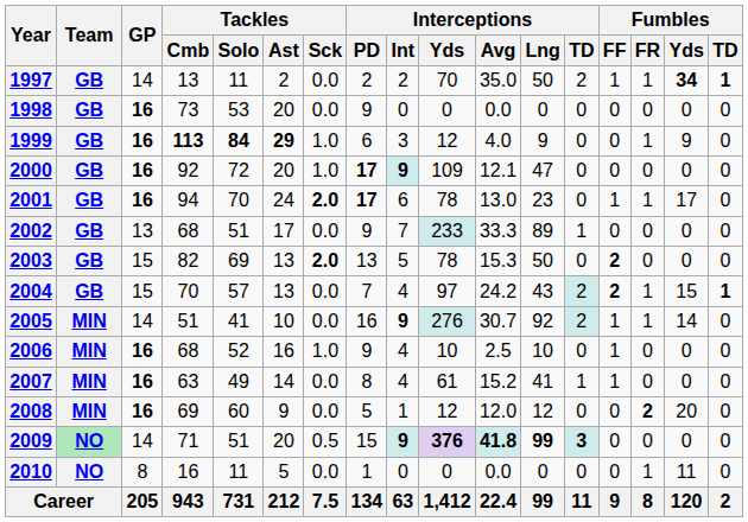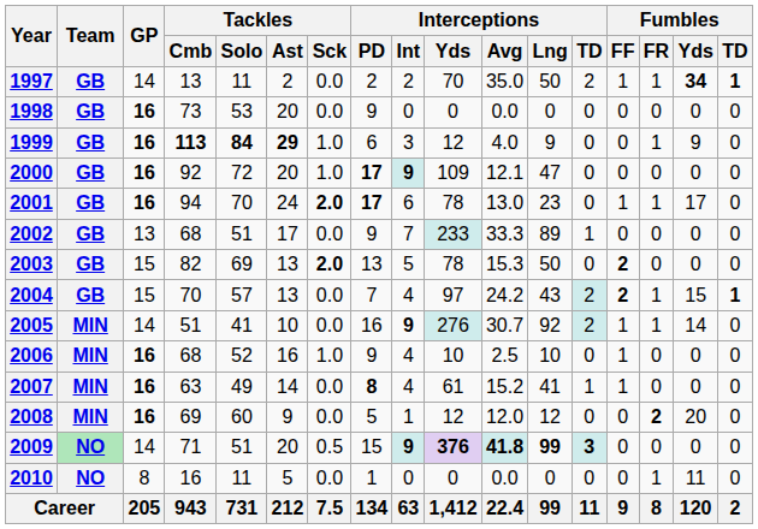 <table class="wikitable" style="text-align:center;">
 <tr>
 <th rowspan="2">Year</th>
 <th rowspan="2">Team</th>
 <th rowspan="2">GP</th>
 <th colspan="4">Tackles</th>
 <th colspan="6">Interceptions</th>
 <th colspan="4">Fumbles</th>
 </tr>
 <tr>
 <th>Cmb</th>
 <th>Solo</th>
 <th>Ast</th>
 <th>Sck</th>
 <th>PD</th>
 <th>Int</th>
 <th>Yds</th>
 <th>Avg</th>
 <th>Lng</th>
 <th>TD</th>
 <th>FF</th>
 <th>FR</th>
 <th>Yds</th>
 <th>TD</th>
 </tr>
 <tr>
 <th><a href='#'>1997</a></th>
 <th><a href='#'>GB</a></th>
 <td>14</td>
 <td>13</td>
 <td>11</td>
 <td>2</td>
 <td>0.0</td>
 <td>2</td>
 <td>2</td>
 <td>70</td>
 <td>35.0</td>
 <td>50</td>
 <td>2</td>
 <td>1</td>
 <td>1</td>
 <td><strong>34</strong></td>
 <td><strong>1</strong></td>
 </tr>
 <tr>
 <th><a href='#'>1998</a></th>
 <th><a href='#'>GB</a></th>
 <td><strong>16</strong></td>
 <td>73</td>
 <td>53</td>
 <td>20</td>
 <td>0.0</td>
 <td>9</td>
 <td>0</td>
 <td>0</td>
 <td>0.0</td>
 <td>0</td>
 <td>0</td>
 <td>0</td>
 <td>0</td>
 <td>0</td>
 <td>0</td>
 </tr>
 <tr>
 <th><a href='#'>1999</a></th>
 <th><a href='#'>GB</a></th>
 <td><strong>16</strong></td>
 <td><strong>113</strong></td>
 <td><strong>84</strong></td>
 <td><strong>29</strong></td>
 <td>1.0</td>
 <td>6</td>
 <td>3</td>
 <td>12</td>
 <td>4.0</td>
 <td>9</td>
 <td>0</td>
 <td>0</td>
 <td>1</td>
 <td>9</td>
 <td>0</td>
 </tr>
 <tr>
 <th><a href='#'>2000</a></th>
 <th><a href='#'>GB</a></th>
 <td><strong>16</strong></td>
 <td>92</td>
 <td>72</td>
 <td>20</td>
 <td>1.0</td>
 <td><strong>17</strong></td>
 <td style="background:#cfecec;"><strong>9</strong></td>
 <td>109</td>
 <td>12.1</td>
 <td>47</td>
 <td>0</td>
 <td>0</td>
 <td>0</td>
 <td>0</td>
 <td>0</td>
 </tr>
 <tr>
 <th><a href='#'>2001</a></th>
 <th><a href='#'>GB</a></th>
 <td><strong>16</strong></td>
 <td>94</td>
 <td>70</td>
 <td>24</td>
 <td><strong>2.0</strong></td>
 <td><strong>17</strong></td>
 <td>6</td>
 <td>78</td>
 <td>13.0</td>
 <td>23</td>
 <td>0</td>
 <td>1</td>
 <td>1</td>
 <td>17</td>
 <td>0</td>
 </tr>
 <tr>
 <th><a href='#'>2002</a></th>
 <th><a href='#'>GB</a></th>
 <td>13</td>
 <td>68</td>
 <td>51</td>
 <td>17</td>
 <td>0.0</td>
 <td>9</td>
 <td>7</td>
 <td style="background:#cfecec;">233</td>
 <td>33.3</td>
 <td>89</td>
 <td>1</td>
 <td>0</td>
 <td>0</td>
 <td>0</td>
 <td>0</td>
 </tr>
 <tr>
 <th><a href='#'>2003</a></th>
 <th><a href='#'>GB</a></th>
 <td>15</td>
 <td>82</td>
 <td>69</td>
 <td>13</td>
 <td><strong>2.0</strong></td>
 <td>13</td>
 <td>5</td>
 <td>78</td>
 <td>15.3</td>
 <td>50</td>
 <td>0</td>
 <td><strong>2</strong></td>
 <td>0</td>
 <td>0</td>
 <td>0</td>
 </tr>
 <tr>
 <th><a href='#'>2004</a></th>
 <th><a href='#'>GB</a></th>
 <td>15</td>
 <td>70</td>
 <td>57</td>
 <td>13</td>
 <td>0.0</td>
 <td>7</td>
 <td>4</td>
 <td>97</td>
 <td>24.2</td>
 <td>43</td>
 <td style="background:#cfecec;">2</td>
 <td><strong>2</strong></td>
 <td>1</td>
 <td>15</td>
 <td><strong>1</strong></td>
 </tr>
 <tr>
 <th><a href='#'>2005</a></th>
 <th><a href='#'>MIN</a></th>
 <td>14</td>
 <td>51</td>
 <td>41</td>
 <td>10</td>
 <td>0.0</td>
 <td>16</td>
 <td><strong>9</strong></td>
 <td style="background:#cfecec;">276</td>
 <td>30.7</td>
 <td>92</td>
 <td style="background:#cfecec;">2</td>
 <td>1</td>
 <td>1</td>
 <td>14</td>
 <td>0</td>
 </tr>
 <tr>
 <th><a href='#'>2006</a></th>
 <th><a href='#'>MIN</a></th>
 <td><strong>16</strong></td>
 <td>68</td>
 <td>52</td>
 <td>16</td>
 <td>1.0</td>
 <td>9</td>
 <td>4</td>
 <td>10</td>
 <td>2.5</td>
 <td>10</td>
 <td>0</td>
 <td>1</td>
 <td>0</td>
 <td>0</td>
 <td>0</td>
 </tr>
 <tr>
 <th><a href='#'>2007</a></th>
 <th><a href='#'>MIN</a></th>
 <td><strong>16</strong></td>
 <td>63</td>
 <td>49</td>
 <td>14</td>
 <td>0.0</td>
-<td>8</td>
+<td><strong>8</strong></td>
 <td>4</td>
 <td>61</td>
 <td>15.2</td>
 <td>41</td>
 <td>1</td>
 <td>1</td>
 <td>0</td>
 <td>0</td>
 <td>0</td>
 </tr>
 <tr>
 <th><a href='#'>2008</a></th>
 <th><a href='#'>MIN</a></th>
 <td><strong>16</strong></td>
 <td>69</td>
 <td>60</td>
 <td>9</td>
 <td>0.0</td>
 <td>5</td>
 <td>1</td>
 <td>12</td>
 <td>12.0</td>
 <td>12</td>
 <td>0</td>
 <td>0</td>
 <td><strong>2</strong></td>
 <td>20</td>
 <td>0</td>
 </tr>
 <tr>
 <th><a href='#'>2009</a></th>
 <th style="background:#afe6ba; width:3em;"><a href='#'>NO</a></th>
 <td>14</td>
 <td>71</td>
 <td>51</td>
 <td>20</td>
 <td>0.5</td>
 <td>15</td>
 <td style="background:#cfecec;"><strong>9</strong></td>
 <td style="background:#e0cef2;"><strong>376</strong></td>
 <td style="background:#cfecec;"><strong>41.8</strong></td>
 <td><strong>99</strong></td>
 <td style="background:#cfecec;"><strong>3</strong></td>
 <td>0</td>
 <td>0</td>
 <td>0</td>
 <td>0</td>
 </tr>
 <tr>
 <th><a href='#'>2010</a></th>
 <th><a href='#'>NO</a></th>
 <td>8</td>
 <td>16</td>
 <td>11</td>
 <td>5</td>
 <td>0.0</td>
 <td>1</td>
 <td>0</td>
 <td>0</td>
 <td>0.0</td>
 <td>0</td>
 <td>0</td>
 <td>0</td>
 <td>1</td>
 <td>11</td>
 <td>0</td>
 </tr>
 <tr>
 <th colspan="2">Career</th>
 <th>205</th>
 <th>943</th>
 <th>731</th>
 <th>212</th>
 <th>7.5</th>
 <th>134</th>
 <th>63</th>
 <th>1,412</th>
 <th>22.4</th>
 <th>99</th>
 <th>11</th>
 <th>9</th>
 <th>8</th>
 <th>120</th>
 <th>2</th>
 </tr>
 </table>
